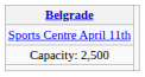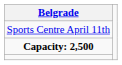 <table class="wikitable" style="text-align:center">
 <tr>
 <th><a href='#'>Belgrade</a></th>
 <td rowspan=4></td>
 </tr>
 <tr>
 <td><a href='#'>Sports Centre April 11th</a></td>
 </tr>
 <tr>
-<td>Capacity: 2,500</td>
+<td><strong>Capacity: 2,500</strong></td>
 </tr>
 <tr>
 <td></td>
 </tr>
 </table>
